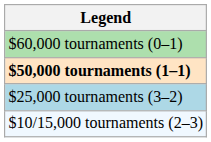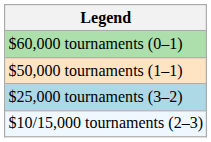 <table class="wikitable" style="font-size:85%">
 <tr>
 <th>Legend</th>
 </tr>
 <tr style="background:#addfad;">
 <td>$60,000 tournaments (0–1)</td>
 </tr>
 <tr style="background:#ffe4c4;">
-<td><strong>$50,000 tournaments (1–1)</strong></td>
+<td>$50,000 tournaments (1–1)</td>
 </tr>
 <tr style="background:lightblue;">
 <td>$25,000 tournaments (3–2)</td>
 </tr>
 <tr style="background:#f0f8ff;">
 <td>$10/15,000 tournaments (2–3)</td>
 </tr>
 </table>
